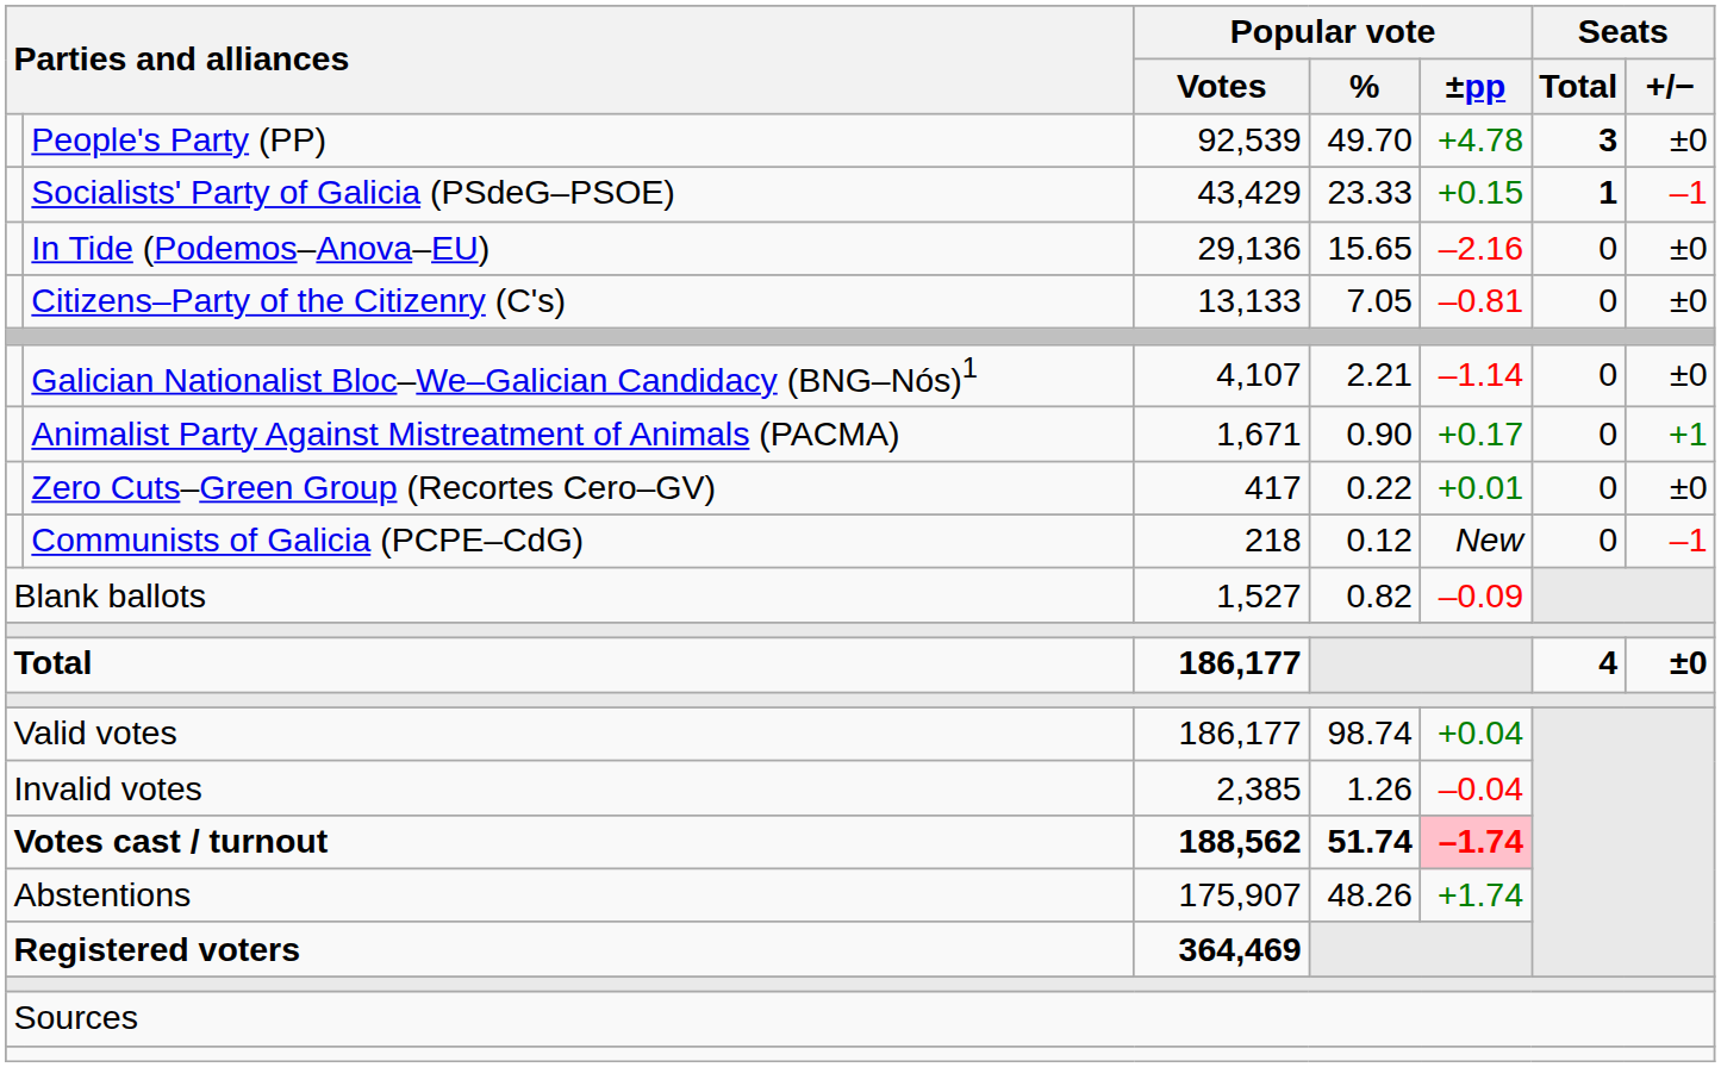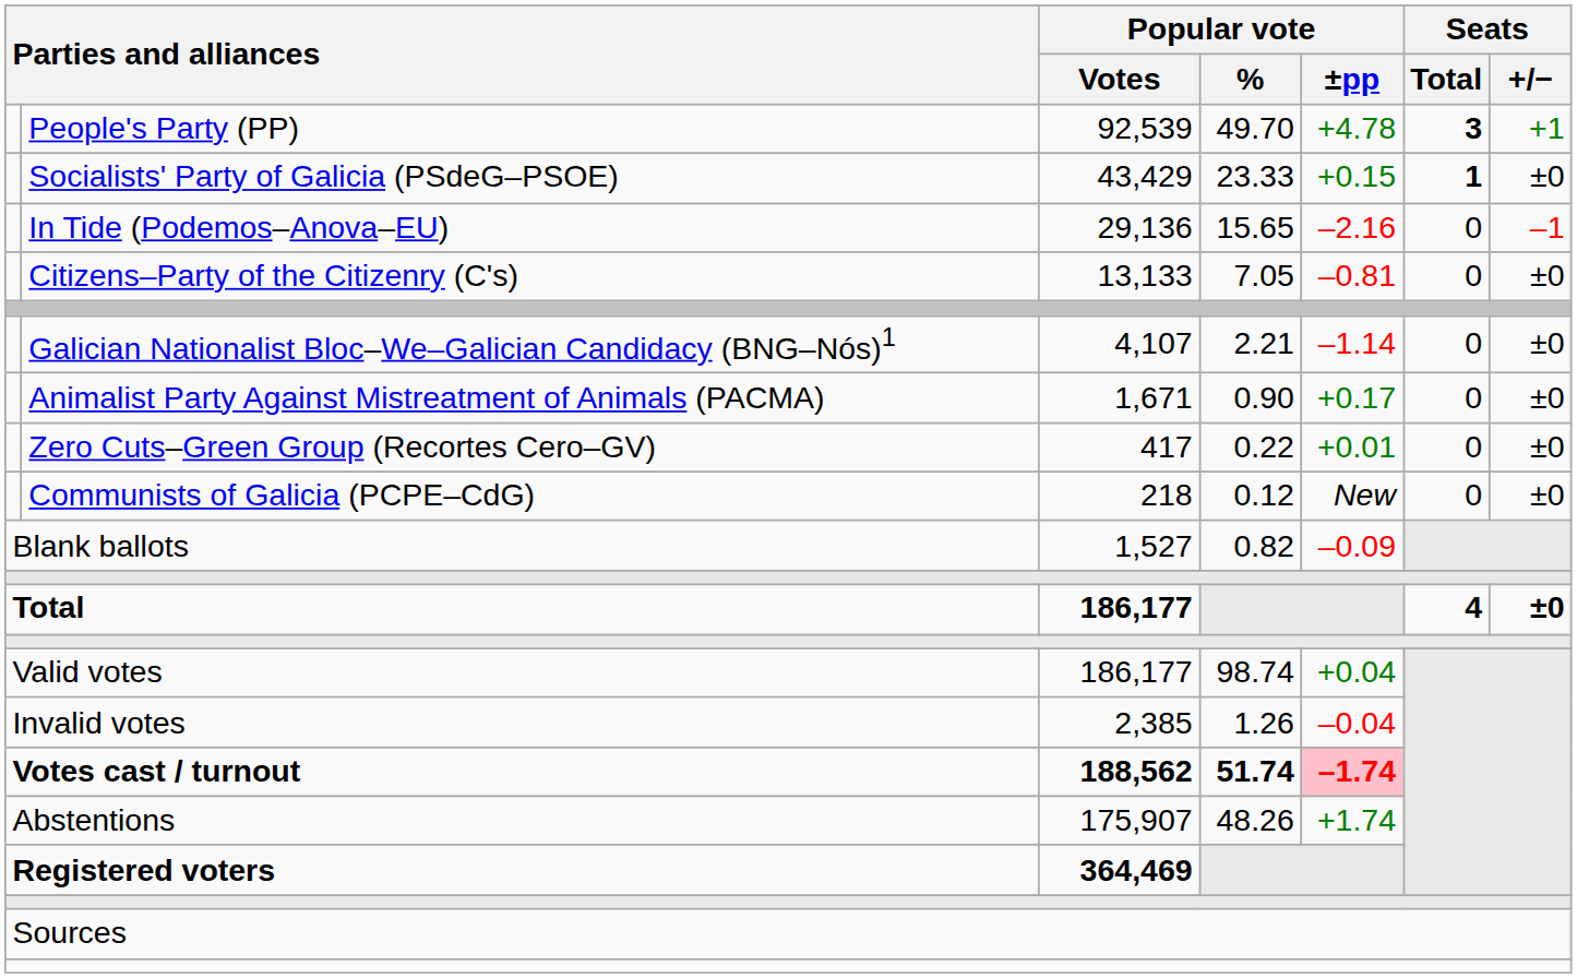 <table class="wikitable" style="text-align:right;">
 <tr>
 <th style="text-align:left;" rowspan="2" colspan="2" width="525">Parties and alliances</th>
 <th colspan="3">Popular vote</th>
 <th colspan="2">Seats</th>
 </tr>
 <tr>
 <th width="75">Votes</th>
 <th width="45">%</th>
 <th width="45">±<a href='#'>pp</a></th>
 <th width="35">Total</th>
 <th width="35">+/−</th>
 </tr>
 <tr>
 <td width="1" style="color:inherit;background:"></td>
 <td align="left"><a href='#'>People's Party</a> (PP)</td>
 <td>92,539</td>
 <td>49.70</td>
 <td style="color:green;">+4.78</td>
 <td><strong>3</strong></td>
-<td>±0</td>
+<td style="color:green;">+1</td>
 </tr>
 <tr>
 <td style="color:inherit;background:"></td>
 <td align="left"><a href='#'>Socialists' Party of Galicia</a> (PSdeG–PSOE)</td>
 <td>43,429</td>
 <td>23.33</td>
 <td style="color:green;">+0.15</td>
 <td><strong>1</strong></td>
-<td style="color:red;">–1</td>
+<td>±0</td>
 </tr>
 <tr>
 <td style="color:inherit;background:"></td>
 <td align="left"><a href='#'>In Tide</a> (<a href='#'>Podemos</a>–<a href='#'>Anova</a>–<a href='#'>EU</a>)</td>
 <td>29,136</td>
 <td>15.65</td>
 <td style="color:red;">–2.16</td>
 <td>0</td>
-<td>±0</td>
+<td style="color:red;">–1</td>
 </tr>
 <tr>
 <td style="color:inherit;background:"></td>
 <td align="left"><a href='#'>Citizens–Party of the Citizenry</a> (C's)</td>
 <td>13,133</td>
 <td>7.05</td>
 <td style="color:red;">–0.81</td>
 <td>0</td>
 <td>±0</td>
 </tr>
 <tr>
 <td colspan="7" bgcolor="#C0C0C0"></td>
 </tr>
 <tr>
 <td style="color:inherit;background:"></td>
 <td align="left"><a href='#'>Galician Nationalist Bloc</a>–<a href='#'>We–Galician Candidacy</a> (BNG–Nós)<sup>1</sup></td>
 <td>4,107</td>
 <td>2.21</td>
 <td style="color:red;">–1.14</td>
 <td>0</td>
 <td>±0</td>
 </tr>
 <tr>
 <td style="color:inherit;background:"></td>
 <td align="left"><a href='#'>Animalist Party Against Mistreatment of Animals</a> (PACMA)</td>
 <td>1,671</td>
 <td>0.90</td>
 <td style="color:green;">+0.17</td>
 <td>0</td>
-<td style="color:green;">+1</td>
+<td>±0</td>
 </tr>
 <tr>
 <td style="color:inherit;background:"></td>
 <td align="left"><a href='#'>Zero Cuts</a>–<a href='#'>Green Group</a> (Recortes Cero–GV)</td>
 <td>417</td>
 <td>0.22</td>
 <td style="color:green;">+0.01</td>
 <td>0</td>
 <td>±0</td>
 </tr>
 <tr>
 <td style="color:inherit;background:"></td>
 <td align="left"><a href='#'>Communists of Galicia</a> (PCPE–CdG)</td>
 <td>218</td>
 <td>0.12</td>
 <td><em>New</em></td>
 <td>0</td>
-<td style="color:red;">–1</td>
+<td>±0</td>
 </tr>
 <tr>
 <td align="left" colspan="2">Blank ballots</td>
 <td>1,527</td>
 <td>0.82</td>
 <td style="color:red;">–0.09</td>
 <td bgcolor="#E9E9E9" colspan="2"></td>
 </tr>
 <tr>
 <td colspan="7" bgcolor="#E9E9E9"></td>
 </tr>
 <tr style="font-weight:bold;">
 <td align="left" colspan="2">Total</td>
 <td>186,177</td>
 <td bgcolor="#E9E9E9" colspan="2"></td>
 <td>4</td>
 <td>±0</td>
 </tr>
 <tr>
 <td colspan="7" bgcolor="#E9E9E9"></td>
 </tr>
 <tr>
 <td align="left" colspan="2">Valid votes</td>
 <td>186,177</td>
 <td>98.74</td>
 <td style="color:green;">+0.04</td>
 <td bgcolor="#E9E9E9" colspan="2" rowspan="5"></td>
 </tr>
 <tr>
 <td align="left" colspan="2">Invalid votes</td>
 <td>2,385</td>
 <td>1.26</td>
 <td style="color:red;">–0.04</td>
 </tr>
 <tr style="font-weight:bold;">
 <td align="left" colspan="2">Votes cast / turnout</td>
 <td>188,562</td>
 <td>51.74</td>
 <td style="background: pink; color:red;">–1.74</td>
 </tr>
 <tr>
 <td align="left" colspan="2">Abstentions</td>
 <td>175,907</td>
 <td>48.26</td>
 <td style="color:green;">+1.74</td>
 </tr>
 <tr style="font-weight:bold;">
 <td align="left" colspan="2">Registered voters</td>
 <td>364,469</td>
 <td bgcolor="#E9E9E9" colspan="2"></td>
 </tr>
 <tr>
 <td colspan="7" bgcolor="#E9E9E9"></td>
 </tr>
 <tr>
 <td align="left" colspan="7">Sources</td>
 </tr>
 <tr>
 <td colspan="7" style="text-align:left; max-width:790px;"></td>
 </tr>
 </table>
